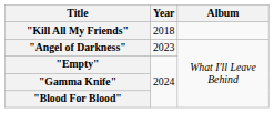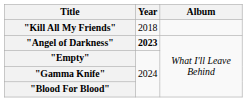 <table class="wikitable plainrowheaders" style="text-align:center;" border="1">
 <tr>
 <th scope="col" style="width:13em;">Title</th>
 <th scope="col" style="width:1em;">Year</th>
 <th scope="col" style="width:8em;">Album</th>
 </tr>
 <tr>
 <th scope="row">"Kill All My Friends"</th>
 <td>2018</td>
 <td></td>
 </tr>
 <tr>
 <th scope="row">"Angel of Darkness"</th>
-<td>2023</td>
+<td><strong>2023</strong></td>
 <td rowspan="4"><em>What I'll Leave Behind</em></td>
 </tr>
 <tr>
 <th scope="row">"Empty"</th>
 <td rowspan="3">2024</td>
 </tr>
 <tr>
 <th scope="row">"Gamma Knife"</th>
 </tr>
 <tr>
 <th scope="row">"Blood For Blood"</th>
 </tr>
 </table>
